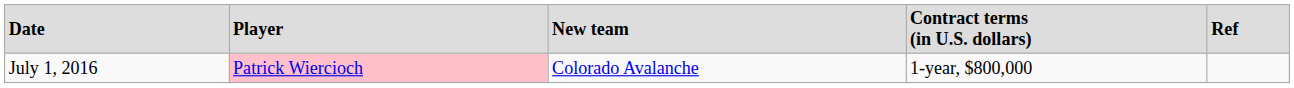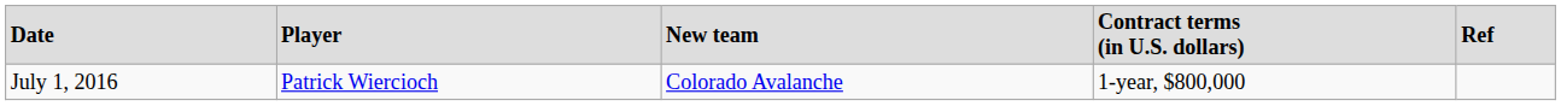 <table class="wikitable" width=90%>
 <tr style="background:#ddd;">
 <td><strong>Date</strong></td>
 <td><strong>Player</strong></td>
 <td><strong>New team</strong></td>
 <td><strong>Contract terms</strong><br><strong>(in U.S. dollars)</strong></td>
 <td><strong>Ref</strong></td>
 </tr>
 <tr>
 <td>July 1, 2016</td>
-<td style="background: pink;"><a href='#'>Patrick Wiercioch</a></td>
+<td><a href='#'>Patrick Wiercioch</a></td>
 <td><a href='#'>Colorado Avalanche</a></td>
 <td>1-year, $800,000</td>
 <td></td>
 </tr>
 </table>
